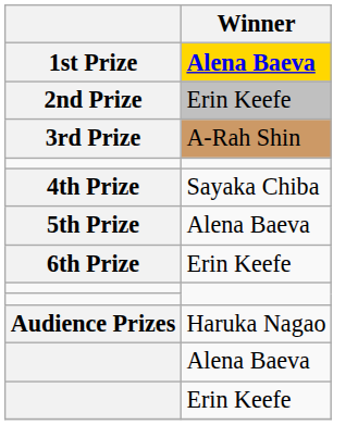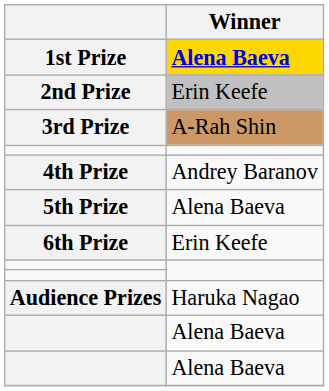 <table class="wikitable">
 <tr>
 <th></th>
 <th>Winner</th>
 </tr>
 <tr>
 <th>1st Prize</th>
 <td bgcolor="gold"> <strong><a href='#'>Alena Baeva</a></strong></td>
 </tr>
 <tr>
 <th>2nd Prize</th>
 <td bgcolor="silver"> Erin Keefe</td>
 </tr>
 <tr>
 <th>3rd Prize</th>
 <td bgcolor="cc9966"> A-Rah Shin</td>
 </tr>
 <tr>
 <td></td>
 <td></td>
 </tr>
 <tr>
 <th>4th Prize</th>
-<td> Sayaka Chiba</td>
+<td> Andrey Baranov</td>
 </tr>
 <tr>
 <th>5th Prize</th>
 <td> Alena Baeva</td>
 </tr>
 <tr>
 <th>6th Prize</th>
 <td> Erin Keefe</td>
 </tr>
 <tr>
 <td></td>
 </tr>
 <tr>
 <td></td>
 </tr>
 <tr>
 <th>Audience Prizes</th>
 <td> Haruka Nagao</td>
 </tr>
 <tr>
 <th></th>
 <td> Alena Baeva</td>
 </tr>
 <tr>
 <th></th>
-<td> Erin Keefe</td>
+<td> Alena Baeva</td>
 </tr>
 <tr>
 </tr>
 </table>
